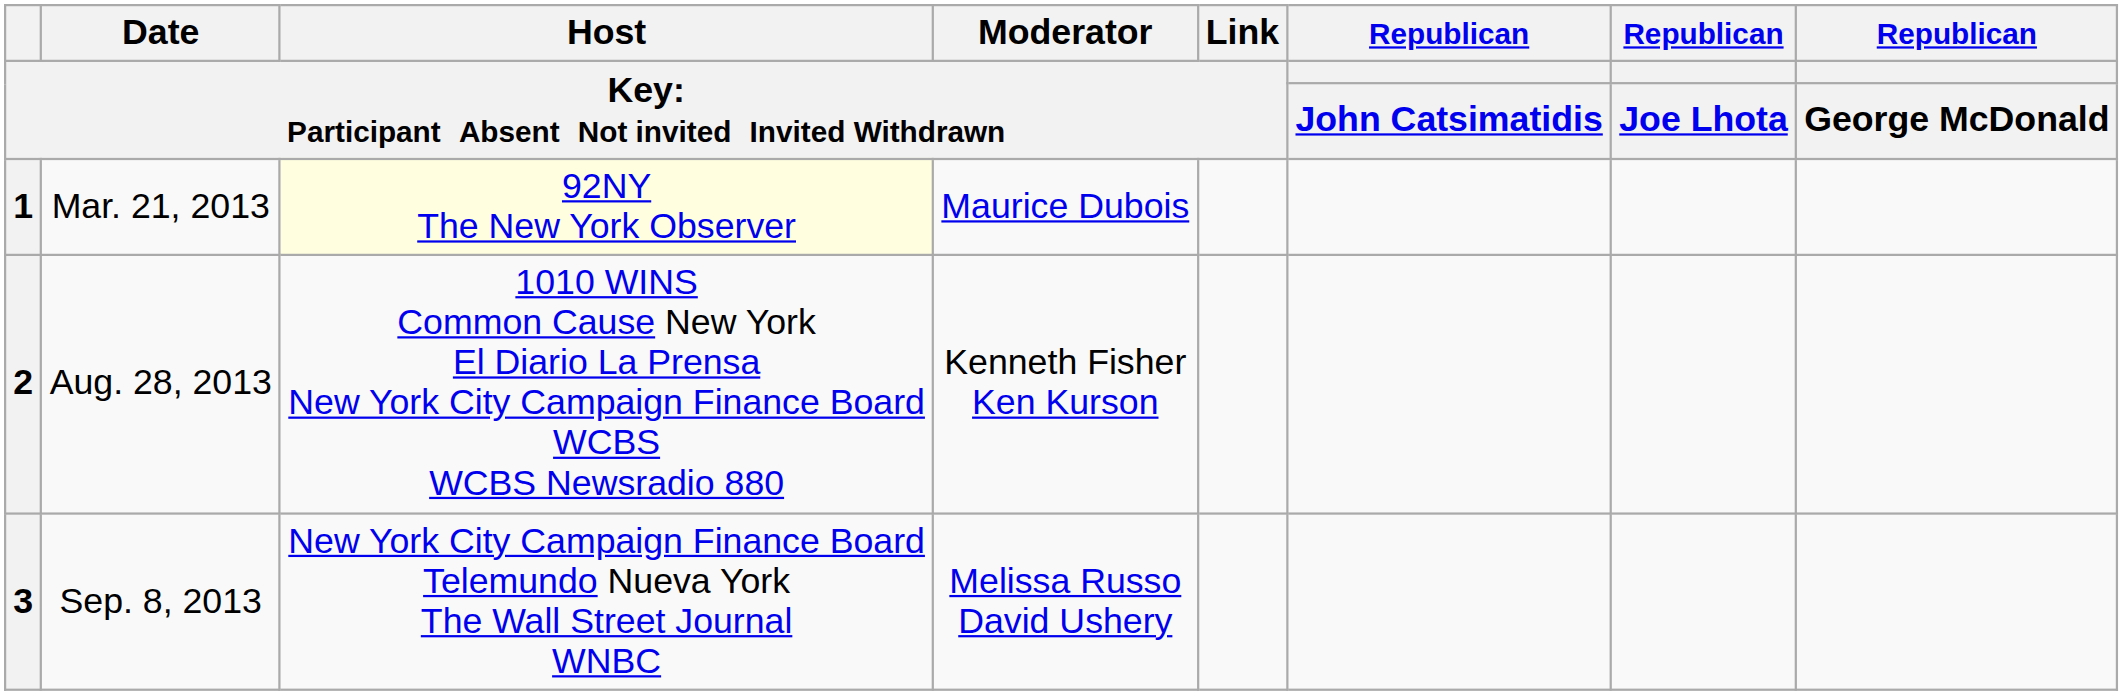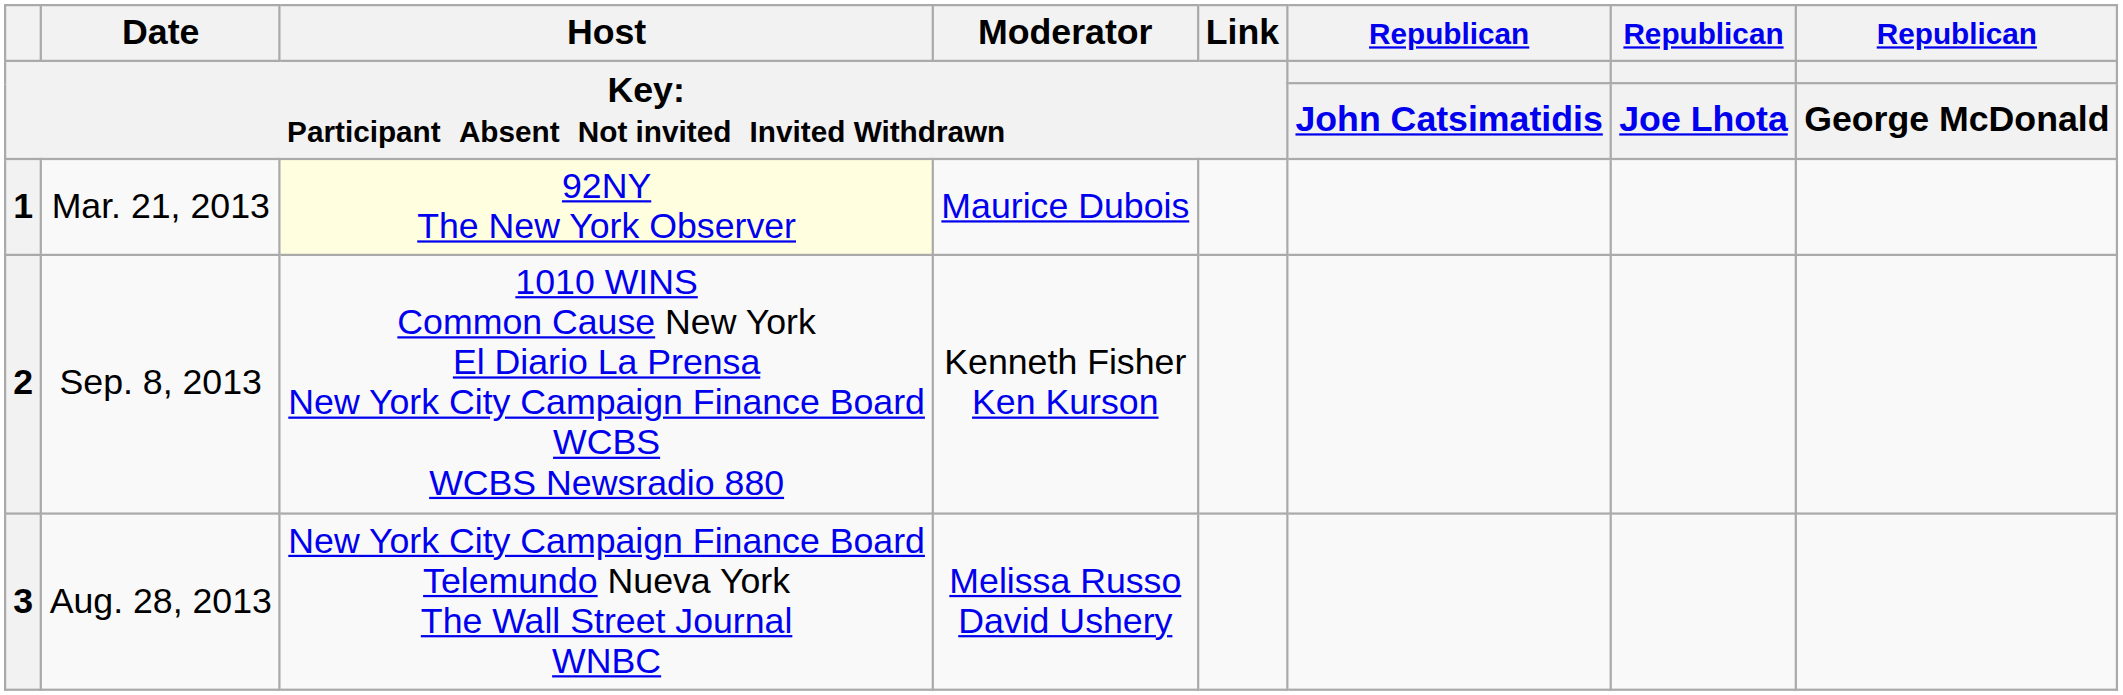 <table class="wikitable" style="text-align:center;">
 <tr>
 <th scope="col"></th>
 <th scope="col">Date</th>
 <th scope="col">Host</th>
 <th scope="col">Moderator</th>
 <th scope="col">Link</th>
 <th scope="col"><small><a href='#'>Republican</a></small></th>
 <th scope="col"><small><a href='#'>Republican</a></small></th>
 <th scope="col"><small><a href='#'>Republican</a></small></th>
 </tr>
 <tr>
 <th colspan="5" rowspan="2">Key:<br> <small>Participant </small>  <small>Absent </small>  <small>Not invited </small>  <small>Invited  Withdrawn</small></th>
 <th scope="col" style="background:"></th>
 <th scope="col" style="background:"></th>
 <th scope="col" style="background:"></th>
 </tr>
 <tr>
 <th scope="col"><a href='#'>John Catsimatidis</a></th>
 <th scope="col"><a href='#'>Joe Lhota</a></th>
 <th scope="col">George McDonald</th>
 </tr>
 <tr>
 <th>1</th>
 <td style="white-space:nowrap;">Mar. 21, 2013</td>
 <td style="background: lightyellow; white-space:nowrap;"><a href='#'>92NY</a><br><a href='#'>The New York Observer</a></td>
 <td style="white-space:nowrap;"><a href='#'>Maurice Dubois</a></td>
 <td style="white-space:nowrap;"></td>
 <td></td>
 <td></td>
 <td></td>
 </tr>
 <tr>
 <th>2</th>
-<td style="white-space:nowrap;">Aug. 28, 2013</td>
+<td style="white-space:nowrap;">Sep. 8, 2013</td>
 <td style="white-space:nowrap;"><a href='#'>1010 WINS</a><br><a href='#'>Common Cause</a> New York<br><a href='#'>El Diario La Prensa</a><br><a href='#'>New York City Campaign Finance Board</a><br><a href='#'>WCBS</a><br><a href='#'>WCBS Newsradio 880</a></td>
 <td style="white-space:nowrap;">Kenneth Fisher<br><a href='#'>Ken Kurson</a></td>
 <td style="white-space:nowrap;"></td>
 <td></td>
 <td></td>
 <td></td>
 </tr>
 <tr>
 <th>3</th>
-<td style="white-space:nowrap;">Sep. 8, 2013</td>
+<td style="white-space:nowrap;">Aug. 28, 2013</td>
 <td style="white-space:nowrap;"><a href='#'>New York City Campaign Finance Board</a><br><a href='#'>Telemundo</a> Nueva York<br><a href='#'>The Wall Street Journal</a><br><a href='#'>WNBC</a></td>
 <td style="white-space:nowrap;"><a href='#'>Melissa Russo</a><br><a href='#'>David Ushery</a></td>
 <td style="white-space:nowrap;"></td>
 <td></td>
 <td></td>
 <td></td>
 </tr>
 </table>
